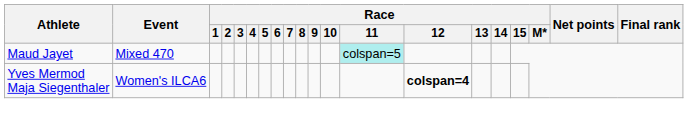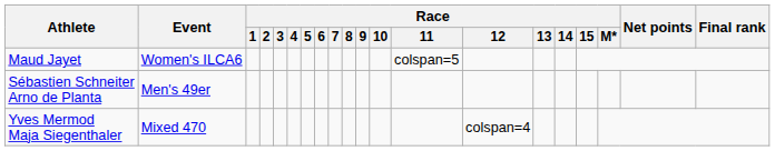 <table class="wikitable" style="font-size:90%">
 <tr>
 <th rowspan="2">Athlete</th>
 <th rowspan="2">Event</th>
 <th colspan=16>Race</th>
 <th rowspan=2>Net points</th>
 <th rowspan=2>Final rank</th>
 </tr>
 <tr style="font-size:95%">
 <th>1</th>
 <th>2</th>
 <th>3</th>
 <th>4</th>
 <th>5</th>
 <th>6</th>
 <th>7</th>
 <th>8</th>
 <th>9</th>
 <th>10</th>
 <th>11</th>
 <th>12</th>
 <th>13</th>
 <th>14</th>
 <th>15</th>
 <th>M*</th>
 </tr>
 <tr align=center>
 <td align=left><a href='#'>Maud Jayet</a></td>
+<td align=left><a href='#'>Women's ILCA6</a></td>
+<td></td>
+<td></td>
+<td></td>
+<td></td>
+<td></td>
+<td></td>
+<td></td>
+<td></td>
+<td></td>
+<td></td>
+<td>colspan=5 </td>
+<td></td>
+<td></td>
+<td></td>
+</tr>
+<tr align=center>
+<td align=left><a href='#'>Sébastien Schneiter</a><br><a href='#'>Arno de Planta</a></td>
+<td align=left><a href='#'>Men's 49er</a></td>
+<td></td>
+<td></td>
+<td></td>
+<td></td>
+<td></td>
+<td></td>
+<td></td>
+<td></td>
+<td></td>
+<td></td>
+<td></td>
+<td></td>
+<td></td>
+<td></td>
+<td></td>
+<td></td>
+<td></td>
+<td></td>
+</tr>
+<tr align=center>
+<td align=left><a href='#'>Yves Mermod</a><br><a href='#'>Maja Siegenthaler</a></td>
 <td align=left><a href='#'>Mixed 470</a></td>
 <td></td>
 <td></td>
 <td></td>
 <td></td>
 <td></td>
 <td></td>
 <td></td>
 <td></td>
 <td></td>
 <td></td>
-<td style="background: paleturquoise;">colspan=5 </td>
 <td></td>
-<td></td>
-<td></td>
-</tr>
-<tr align=center>
-<td align=left><a href='#'>Yves Mermod</a><br><a href='#'>Maja Siegenthaler</a></td>
-<td align=left><a href='#'>Women's ILCA6</a></td>
-<td></td>
-<td></td>
-<td></td>
-<td></td>
-<td></td>
-<td></td>
-<td></td>
-<td></td>
-<td></td>
-<td></td>
-<td></td>
-<td><strong>colspan=4 </strong></td>
+<td>colspan=4 </td>
 <td></td>
 <td></td>
 <td></td>
 </tr>
 </table>
